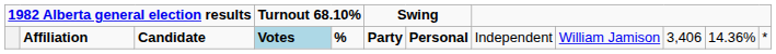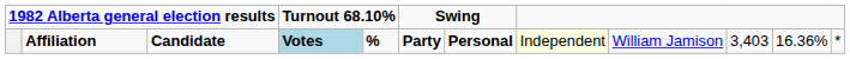 <table class="wikitable">
 <tr>
 <td colspan="3" align=center><strong><a href='#'>1982 Alberta general election</a> results</strong></td>
 <td colspan="2"><strong>Turnout 68.10%</strong></td>
 <td colspan="2" align=center><strong>Swing</strong></td>
 </tr>
 <tr>
 <th style="width: 10px;"></th>
 <td><strong>Affiliation</strong></td>
 <td><strong>Candidate</strong></td>
 <td style="background: lightblue;"><strong>Votes</strong></td>
 <td><strong>%</strong></td>
 <td><strong>Party</strong></td>
 <td><strong>Personal</strong><br>  </td>
-<td>Independent</td>
+<td style="background: lightyellow;">Independent</td>
 <td><a href='#'>William Jamison</a></td>
-<td>3,406</td>
-<td>14.36%</td>
+<td>3,403</td>
+<td>16.36%</td>
 <td align=center colspan=2>*<br>     </td>
 </tr>
 </table>
